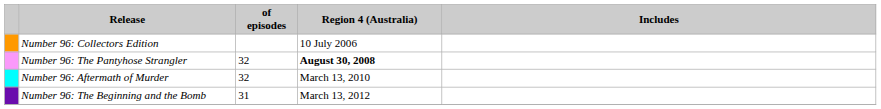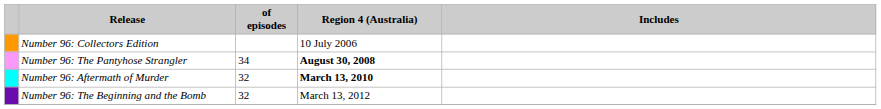 <table class="wikitable" style="width:100%; margin-right:auto; background:#fff;">
 <tr>
 <th style="background:#ccc; width:1%;"></th>
 <th style="background:#ccc; width:15%;">Release</th>
 <th style="background:#ccc; width:3%;"> of<br>episodes</th>
 <th style="background:#ccc; width:10%;">Region 4 (Australia)</th>
 <th style="background:#ccc; width:30%;">Includes</th>
 </tr>
 <tr>
 <td bgcolor="#FF9900" width="15px"></td>
 <td><em>Number 96: Collectors Edition</em></td>
 <td></td>
 <td>10 July 2006</td>
 <td></td>
 </tr>
 <tr>
 <td bgcolor="#fa99fa" width="15px"></td>
 <td><em>Number 96: The Pantyhose Strangler</em></td>
-<td>32</td>
+<td>34</td>
 <td><strong>August 30, 2008</strong></td>
 <td></td>
 </tr>
 <tr>
 <td bgcolor="#00FFFF" width="15px"></td>
 <td><em>Number 96: Aftermath of Murder</em></td>
 <td>32</td>
-<td>March 13, 2010</td>
+<td><strong>March 13, 2010</strong></td>
 <td></td>
 </tr>
 <tr>
 <td bgcolor="#6a0dad" width="15px"></td>
 <td><em>Number 96: The Beginning and the Bomb</em></td>
-<td>31</td>
+<td>32</td>
 <td>March 13, 2012</td>
 <td></td>
 </tr>
 <tr>
 </tr>
 </table>
